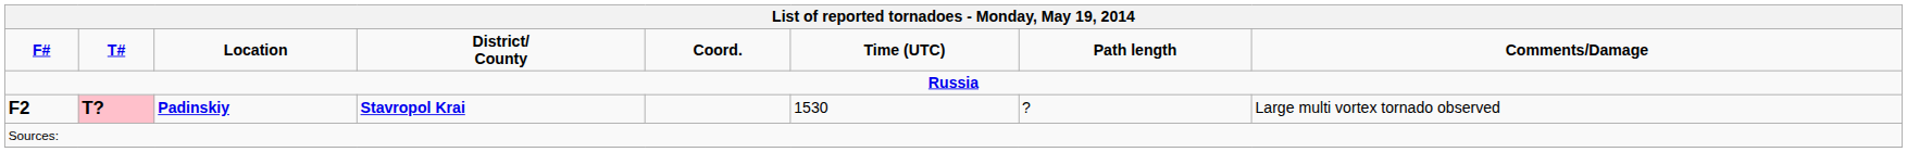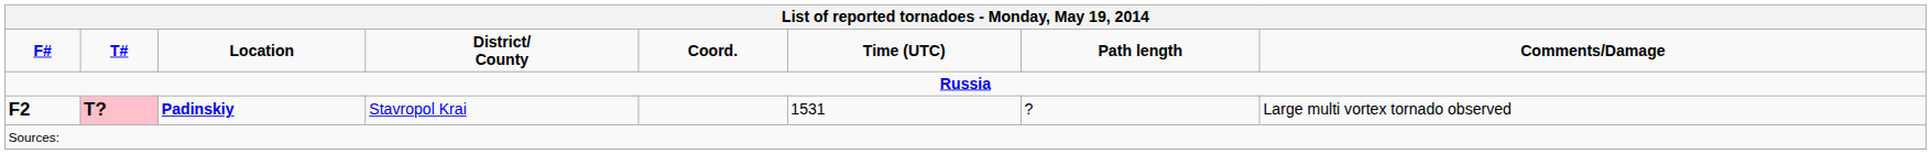 <table class="wikitable collapsible" width="100%">
 <tr>
 <th colspan="8">List of reported tornadoes - Monday, May 19, 2014</th>
 </tr>
 <tr>
 <td style="text-align: center;"><strong><a href='#'>F#</a></strong></td>
 <td style="text-align: center;"><strong><a href='#'>T#</a></strong></td>
 <td style="text-align: center;"><strong>Location</strong></td>
 <td style="text-align: center;"><strong>District/<br>County</strong></td>
 <td style="text-align: center;"><strong>Coord.</strong></td>
 <td style="text-align: center;"><strong>Time (UTC)</strong></td>
 <td style="text-align: center;"><strong>Path length</strong></td>
 <td style="text-align: center;"><strong>Comments/Damage</strong></td>
 </tr>
 <tr>
 <td colspan="8" align=center><strong><a href='#'>Russia</a></strong></td>
 </tr>
 <tr>
 <td><big><strong>F2</strong></big></td>
 <td style="background: pink;"><big><strong>T?</strong></big></td>
 <td><strong><a href='#'>Padinskiy</a></strong></td>
-<td><strong><a href='#'>Stavropol Krai</a></strong></td>
+<td><a href='#'>Stavropol Krai</a></td>
 <td></td>
-<td>1530</td>
+<td>1531</td>
 <td>?</td>
 <td>Large multi vortex tornado observed</td>
 </tr>
 <tr>
 <td colspan="8"><small>Sources:</small></td>
 </tr>
 <tr>
 </tr>
 </table>
